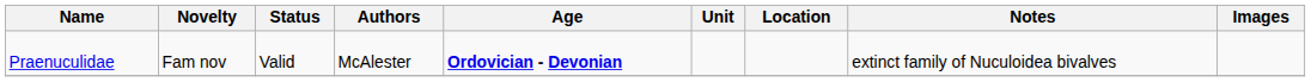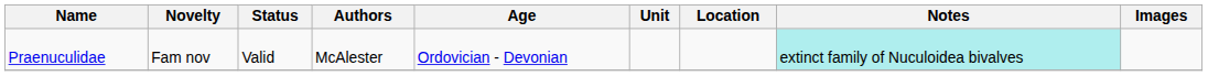 <table class="wikitable sortable" align="center" width="100%">
 <tr>
 <th>Name</th>
 <th>Novelty</th>
 <th>Status</th>
 <th>Authors</th>
 <th>Age</th>
 <th>Unit</th>
 <th>Location</th>
 <th>Notes</th>
 <th>Images</th>
 </tr>
 <tr>
 <td><br><a href='#'>Praenuculidae</a></td>
 <td><br>Fam nov</td>
 <td><br>Valid</td>
 <td><br>McAlester</td>
-<td><strong><br><a href='#'>Ordovician</a> - <a href='#'>Devonian</a></strong></td>
+<td><br><a href='#'>Ordovician</a> - <a href='#'>Devonian</a></td>
 <td></td>
 <td></td>
-<td><br>extinct family of Nuculoidea bivalves</td>
+<td style="background: paleturquoise;"><br>extinct family of Nuculoidea bivalves</td>
 <td></td>
 </tr>
 <tr>
 </tr>
 </table>
